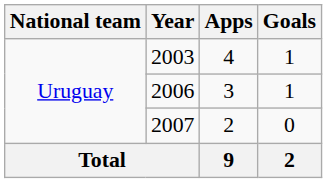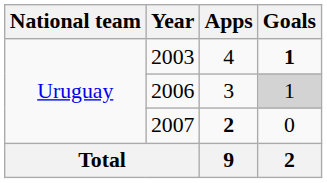 <table class="wikitable" style="text-align:center">
 <tr>
 <th>National team</th>
 <th>Year</th>
 <th>Apps</th>
 <th>Goals</th>
 </tr>
 <tr>
 <td rowspan=3><a href='#'>Uruguay</a></td>
 <td>2003</td>
 <td>4</td>
-<td>1</td>
+<td><strong>1</strong></td>
 </tr>
 <tr>
 <td>2006</td>
 <td>3</td>
-<td>1</td>
+<td style="background: lightgrey;">1</td>
 </tr>
 <tr>
 <td>2007</td>
-<td>2</td>
+<td><strong>2</strong></td>
 <td>0</td>
 </tr>
 <tr>
 <th colspan=2>Total</th>
 <th>9</th>
 <th>2</th>
 </tr>
 </table>
